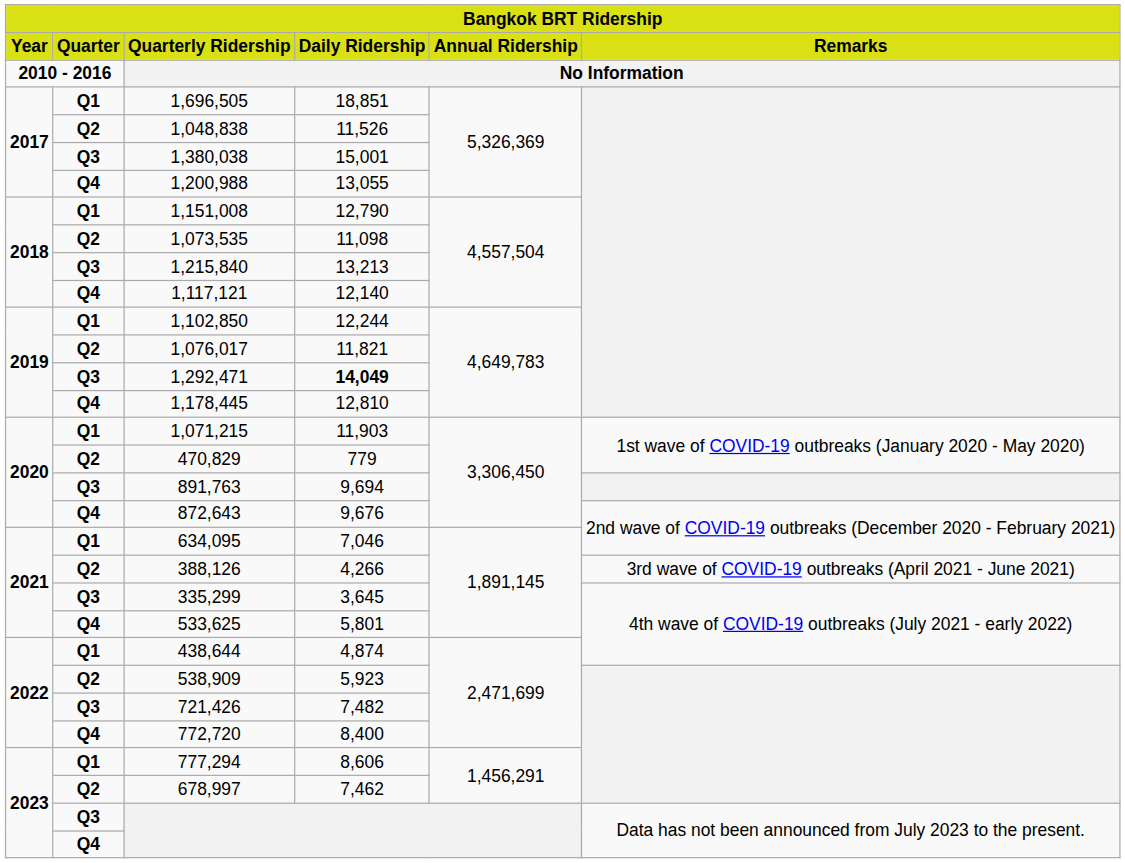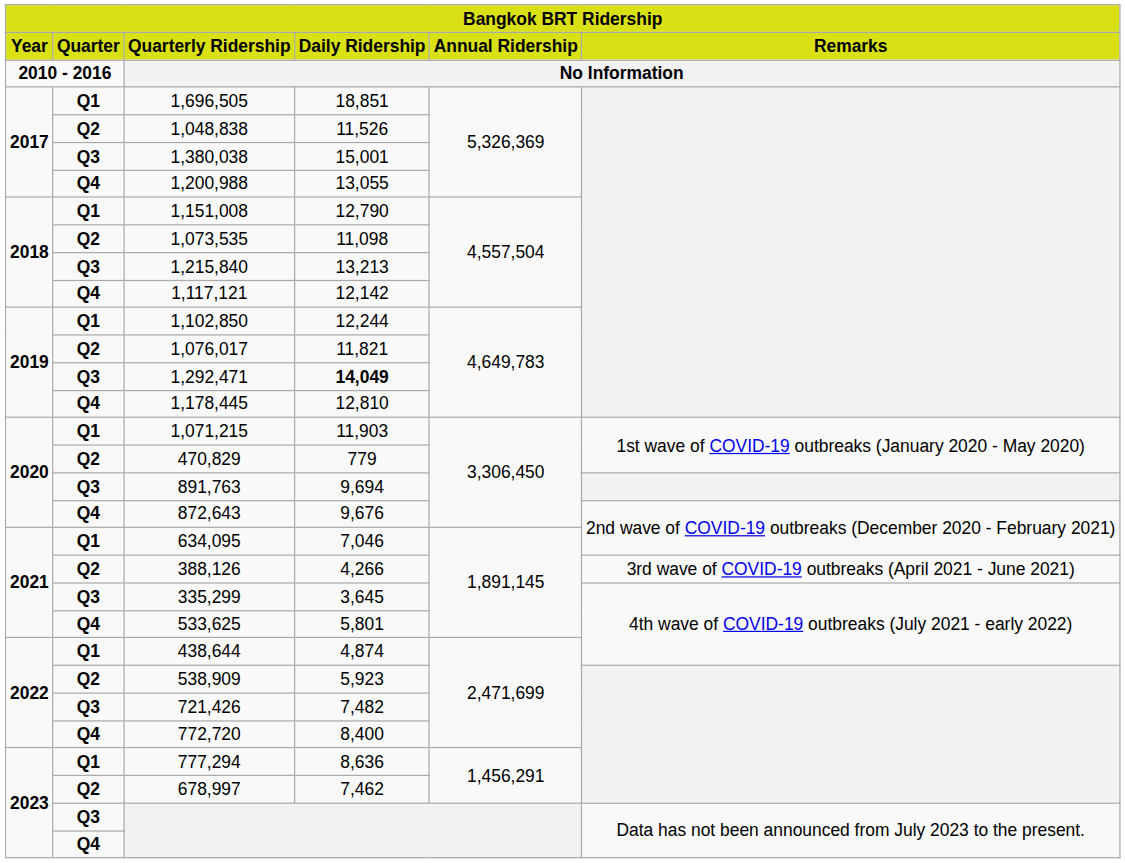 <table class="wikitable" style="margin:auto;font-align:center;text-align:center;font-size:90%;">
 <tr>
 <th colspan="6" align="center" style="background:#D9E114;">Bangkok BRT Ridership</th>
 </tr>
 <tr>
 <th style="background:#D9E114;">Year</th>
 <th style="background:#D9E114;">Quarter</th>
 <th style="background:#D9E114;">Quarterly Ridership</th>
 <th style="background:#D9E114;">Daily Ridership</th>
 <th style="background:#D9E114;">Annual Ridership</th>
 <th style="background:#D9E114;">Remarks</th>
 </tr>
 <tr>
 <td colspan="2"><strong>2010 - 2016</strong></td>
 <th colspan="4">No Information</th>
 </tr>
 <tr>
 <td rowspan="4"><strong>2017</strong></td>
 <td><strong>Q1</strong></td>
 <td>1,696,505</td>
 <td>18,851</td>
 <td rowspan="4">5,326,369</td>
 <th rowspan="12"></th>
 </tr>
 <tr>
 <td><strong>Q2</strong></td>
 <td>1,048,838</td>
 <td>11,526</td>
 </tr>
 <tr>
 <td><strong>Q3</strong></td>
 <td>1,380,038</td>
 <td>15,001</td>
 </tr>
 <tr>
 <td><strong>Q4</strong></td>
 <td>1,200,988</td>
 <td>13,055</td>
 </tr>
 <tr>
 <td rowspan="4"><strong>2018</strong></td>
 <td><strong>Q1</strong></td>
 <td>1,151,008</td>
 <td>12,790</td>
 <td rowspan="4">4,557,504</td>
 </tr>
 <tr>
 <td><strong>Q2</strong></td>
 <td>1,073,535</td>
 <td>11,098</td>
 </tr>
 <tr>
 <td><strong>Q3</strong></td>
 <td>1,215,840</td>
 <td>13,213</td>
 </tr>
 <tr>
 <td><strong>Q4</strong></td>
 <td>1,117,121</td>
-<td>12,140</td>
+<td>12,142</td>
 </tr>
 <tr>
 <td rowspan="4"><strong>2019</strong></td>
 <td><strong>Q1</strong></td>
 <td>1,102,850</td>
 <td>12,244</td>
 <td rowspan="4">4,649,783</td>
 </tr>
 <tr>
 <td><strong>Q2</strong></td>
 <td>1,076,017</td>
 <td>11,821</td>
 </tr>
 <tr>
 <td><strong>Q3</strong></td>
 <td>1,292,471</td>
 <td><strong>14,049</strong></td>
 </tr>
 <tr>
 <td><strong>Q4</strong></td>
 <td>1,178,445</td>
 <td>12,810</td>
 </tr>
 <tr>
 <td rowspan="4"><strong>2020</strong></td>
 <td><strong>Q1</strong></td>
 <td>1,071,215</td>
 <td>11,903</td>
 <td rowspan="4">3,306,450</td>
 <td rowspan="2">1st wave of <a href='#'>COVID-19</a> outbreaks (January 2020 - May 2020)</td>
 </tr>
 <tr>
 <td><strong>Q2</strong></td>
 <td>470,829</td>
 <td>779</td>
 </tr>
 <tr>
 <td><strong>Q3</strong></td>
 <td>891,763</td>
 <td>9,694</td>
 <th></th>
 </tr>
 <tr>
 <td><strong>Q4</strong></td>
 <td>872,643</td>
 <td>9,676</td>
 <td rowspan="2">2nd wave of <a href='#'>COVID-19</a> outbreaks (December 2020 - February 2021)</td>
 </tr>
 <tr>
 <td rowspan="4"><strong>2021</strong></td>
 <td><strong>Q1</strong></td>
 <td>634,095</td>
 <td>7,046</td>
 <td rowspan="4">1,891,145</td>
 </tr>
 <tr>
 <td><strong>Q2</strong></td>
 <td>388,126</td>
 <td>4,266</td>
 <td>3rd wave of <a href='#'>COVID-19</a> outbreaks (April 2021 - June 2021)</td>
 </tr>
 <tr>
 <td><strong>Q3</strong></td>
 <td>335,299</td>
 <td>3,645</td>
 <td rowspan="3">4th wave of <a href='#'>COVID-19</a> outbreaks (July 2021 - early 2022)</td>
 </tr>
 <tr>
 <td><strong>Q4</strong></td>
 <td>533,625</td>
 <td>5,801</td>
 </tr>
 <tr>
 <td rowspan="4"><strong>2022</strong></td>
 <td><strong>Q1</strong></td>
 <td>438,644</td>
 <td>4,874</td>
 <td rowspan="4">2,471,699</td>
 </tr>
 <tr>
 <td><strong>Q2</strong></td>
 <td>538,909</td>
 <td>5,923</td>
 <th rowspan="5"></th>
 </tr>
 <tr>
 <td><strong>Q3</strong></td>
 <td>721,426</td>
 <td>7,482</td>
 </tr>
 <tr>
 <td><strong>Q4</strong></td>
 <td>772,720</td>
 <td>8,400</td>
 </tr>
 <tr>
 <td rowspan="4"><strong>2023</strong></td>
 <td><strong>Q1</strong></td>
 <td>777,294</td>
-<td>8,606</td>
+<td>8,636</td>
 <td rowspan="2">1,456,291</td>
 </tr>
 <tr>
 <td><strong>Q2</strong></td>
 <td>678,997</td>
 <td>7,462</td>
 </tr>
 <tr>
 <td><strong>Q3</strong></td>
 <th colspan="3" rowspan="2"></th>
 <td rowspan="2">Data has not been announced from July 2023 to the present.</td>
 </tr>
 <tr>
 <td><strong>Q4</strong></td>
 </tr>
 </table>
